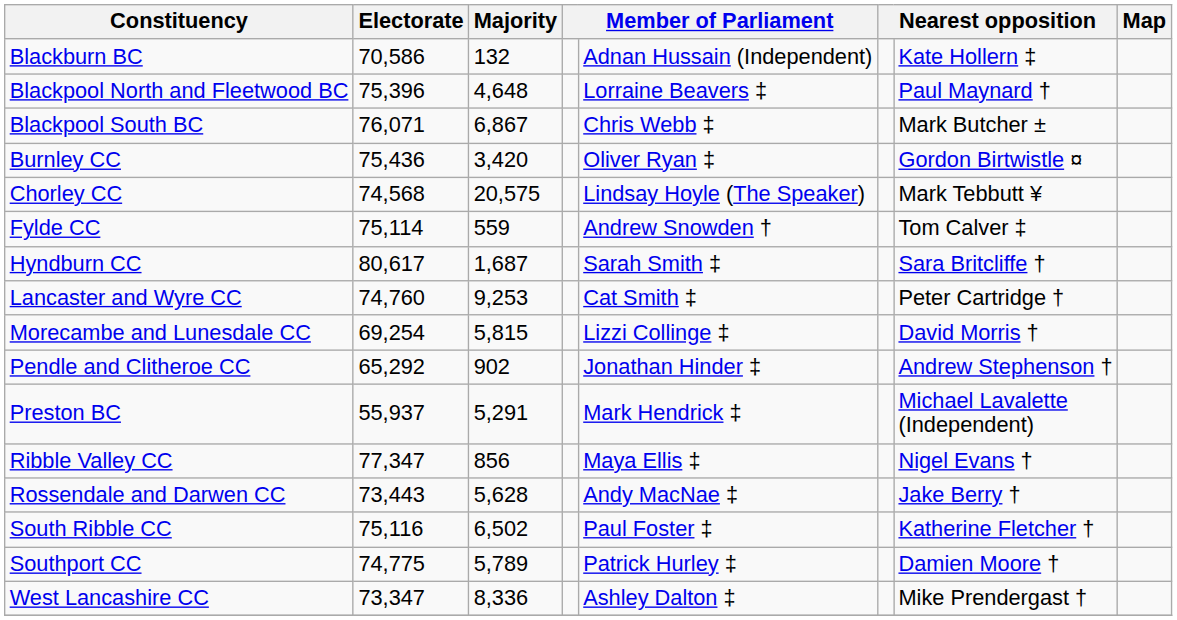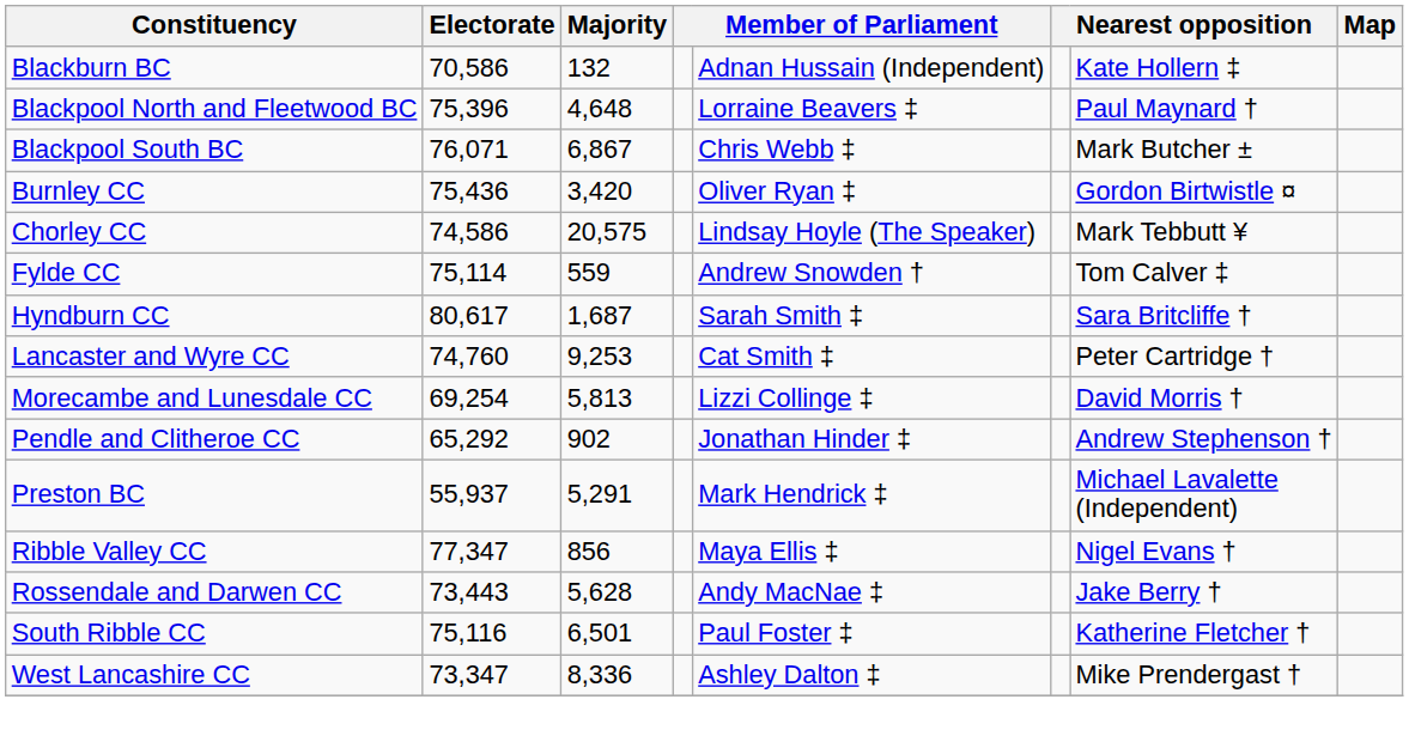 <table class="wikitable sortable">
 <tr>
 <th rowspan="1">Constituency</th>
 <th rowspan="1">Electorate</th>
 <th rowspan="1">Majority</th>
 <th class="unsortable" colspan="2"><a href='#'>Member of Parliament</a></th>
 <th class="unsortable" colspan="2">Nearest opposition</th>
 <th class="unsortable" rowspan="1">Map</th>
 </tr>
 <tr>
 <td><a href='#'>Blackburn BC</a></td>
 <td>70,586</td>
 <td>132</td>
 <td style="color:inherit;background:"> </td>
 <td><a href='#'>Adnan Hussain</a> (Independent)</td>
 <td style="color:inherit;background:"> </td>
 <td><a href='#'>Kate Hollern</a> ‡</td>
 <td></td>
 </tr>
 <tr>
 <td><a href='#'>Blackpool North and Fleetwood BC</a></td>
 <td>75,396</td>
 <td>4,648</td>
 <td style="color:inherit;background:"> </td>
 <td><a href='#'>Lorraine Beavers</a> ‡</td>
 <td style="color:inherit;background:"> </td>
 <td><a href='#'>Paul Maynard</a> †</td>
 <td></td>
 </tr>
 <tr>
 <td><a href='#'>Blackpool South BC</a></td>
 <td>76,071</td>
 <td>6,867</td>
 <td style="color:inherit;background:"> </td>
 <td><a href='#'>Chris Webb</a> ‡</td>
 <td style="color:inherit;background:"> </td>
 <td>Mark Butcher ±</td>
 <td></td>
 </tr>
 <tr>
 <td><a href='#'>Burnley CC</a></td>
 <td>75,436</td>
 <td>3,420</td>
 <td style="color:inherit;background:"> </td>
 <td><a href='#'>Oliver Ryan</a> ‡</td>
 <td style="color:inherit;background:"> </td>
 <td><a href='#'>Gordon Birtwistle</a> ¤</td>
 <td></td>
 </tr>
 <tr>
 <td><a href='#'>Chorley CC</a></td>
-<td>74,568</td>
+<td>74,586</td>
 <td>20,575</td>
 <td style="color:inherit;background:"> </td>
 <td><a href='#'>Lindsay Hoyle</a> (<a href='#'>The Speaker</a>)</td>
 <td style="color:inherit;background:"> </td>
 <td>Mark Tebbutt ¥</td>
 <td></td>
 </tr>
 <tr>
 <td><a href='#'>Fylde CC</a></td>
 <td>75,114</td>
 <td>559</td>
 <td style="color:inherit;background:"> </td>
 <td><a href='#'>Andrew Snowden</a> †</td>
 <td style="color:inherit;background:"> </td>
 <td>Tom Calver ‡</td>
 <td></td>
 </tr>
 <tr>
 <td><a href='#'>Hyndburn CC</a></td>
 <td>80,617</td>
 <td>1,687</td>
 <td style="color:inherit;background:"> </td>
 <td><a href='#'>Sarah Smith</a> ‡</td>
 <td style="color:inherit;background:"> </td>
 <td><a href='#'>Sara Britcliffe</a> †</td>
 <td></td>
 </tr>
 <tr>
 <td><a href='#'>Lancaster and Wyre CC</a></td>
 <td>74,760</td>
 <td>9,253</td>
 <td style="color:inherit;background:"> </td>
 <td><a href='#'>Cat Smith</a> ‡</td>
 <td style="color:inherit;background:"> </td>
 <td>Peter Cartridge †</td>
 <td></td>
 </tr>
 <tr>
 <td><a href='#'>Morecambe and Lunesdale CC</a></td>
 <td>69,254</td>
-<td>5,815</td>
+<td>5,813</td>
 <td style="color:inherit;background:"> </td>
 <td><a href='#'>Lizzi Collinge</a> ‡</td>
 <td style="color:inherit;background:"> </td>
 <td><a href='#'>David Morris</a> †</td>
 <td></td>
 </tr>
 <tr>
 <td><a href='#'>Pendle and Clitheroe CC</a></td>
 <td>65,292</td>
 <td>902</td>
 <td style="color:inherit;background:"> </td>
 <td><a href='#'>Jonathan Hinder</a> ‡</td>
 <td style="color:inherit;background:"> </td>
 <td><a href='#'>Andrew Stephenson</a> †</td>
 <td></td>
 </tr>
 <tr>
 <td><a href='#'>Preston BC</a></td>
 <td>55,937</td>
 <td>5,291</td>
 <td style="color:inherit;background:"> </td>
 <td><a href='#'>Mark Hendrick</a> ‡</td>
 <td style="color:inherit;background:"> </td>
 <td><a href='#'>Michael Lavalette</a><br>(Independent)</td>
 <td></td>
 </tr>
 <tr>
 <td><a href='#'>Ribble Valley CC</a></td>
 <td>77,347</td>
 <td>856</td>
 <td style="color:inherit;background:"> </td>
 <td><a href='#'>Maya Ellis</a> ‡</td>
 <td style="color:inherit;background:"> </td>
 <td><a href='#'>Nigel Evans</a> †</td>
 <td></td>
 </tr>
 <tr>
 <td><a href='#'>Rossendale and Darwen CC</a></td>
 <td>73,443</td>
 <td>5,628</td>
 <td style="color:inherit;background:"> </td>
 <td><a href='#'>Andy MacNae</a> ‡</td>
 <td style="color:inherit;background:"> </td>
 <td><a href='#'>Jake Berry</a> †</td>
 <td></td>
 </tr>
 <tr>
 <td><a href='#'>South Ribble CC</a></td>
 <td>75,116</td>
-<td>6,502</td>
+<td>6,501</td>
 <td style="color:inherit;background:"> </td>
 <td><a href='#'>Paul Foster</a> ‡</td>
 <td style="color:inherit;background:"> </td>
 <td><a href='#'>Katherine Fletcher</a> †</td>
-<td></td>
-</tr>
-<tr>
-<td><a href='#'>Southport CC</a></td>
-<td>74,775</td>
-<td>5,789</td>
-<td style="color:inherit;background:"> </td>
-<td><a href='#'>Patrick Hurley</a> ‡</td>
-<td style="color:inherit;background:"> </td>
-<td><a href='#'>Damien Moore</a> †</td>
 <td></td>
 </tr>
 <tr>
 <td><a href='#'>West Lancashire CC</a></td>
 <td>73,347</td>
 <td>8,336</td>
 <td style="color:inherit;background:"> </td>
 <td><a href='#'>Ashley Dalton</a> ‡</td>
 <td style="color:inherit;background:"> </td>
 <td>Mike Prendergast †</td>
 <td></td>
 </tr>
 <tr>
 </tr>
 </table>
